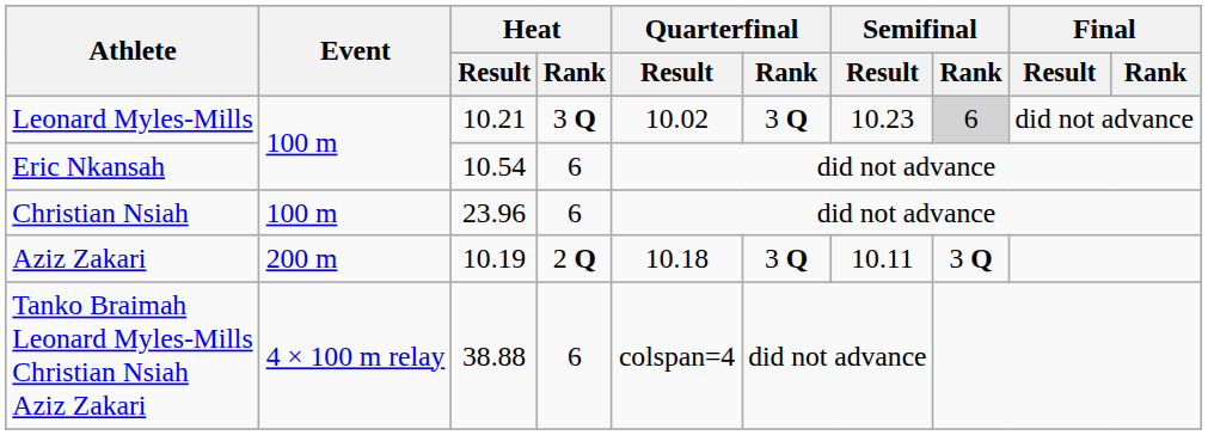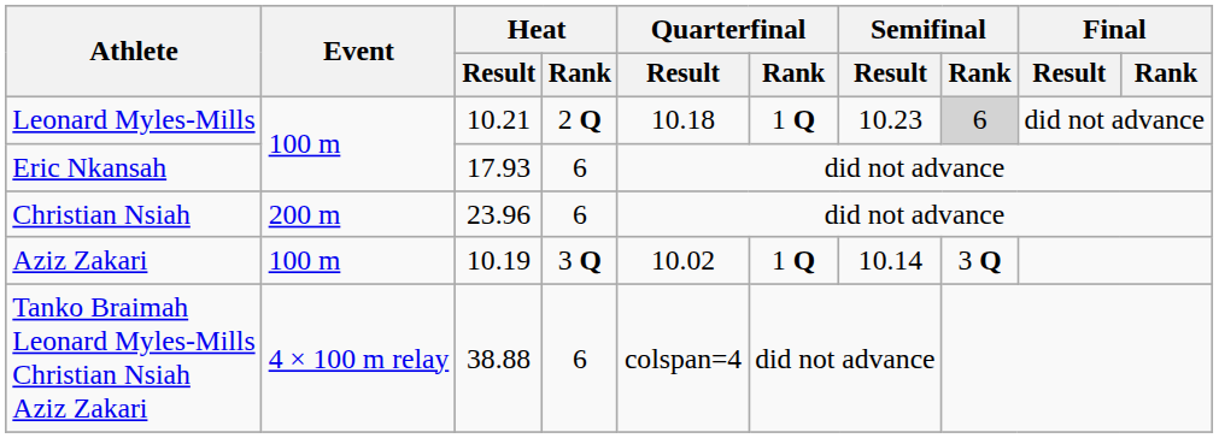 <table class=wikitable style="font-size:90%">
 <tr>
 <th rowspan="2">Athlete</th>
 <th rowspan="2">Event</th>
 <th colspan="2">Heat</th>
 <th colspan="2">Quarterfinal</th>
 <th colspan="2">Semifinal</th>
 <th colspan="2">Final</th>
 </tr>
 <tr style="font-size:95%">
 <th>Result</th>
 <th>Rank</th>
 <th>Result</th>
 <th>Rank</th>
 <th>Result</th>
 <th>Rank</th>
 <th>Result</th>
 <th>Rank</th>
 </tr>
 <tr align=center>
 <td align=left><a href='#'>Leonard Myles-Mills</a></td>
 <td align=left rowspan=2><a href='#'>100 m</a></td>
 <td>10.21</td>
-<td>3 <strong>Q</strong></td>
-<td>10.02</td>
-<td>3 <strong>Q</strong></td>
+<td>2 <strong>Q</strong></td>
+<td>10.18</td>
+<td>1 <strong>Q</strong></td>
 <td>10.23</td>
 <td style="background: lightgrey;">6</td>
 <td colspan=2>did not advance</td>
 </tr>
 <tr align=center>
 <td align=left><a href='#'>Eric Nkansah</a></td>
-<td>10.54</td>
+<td>17.93</td>
 <td>6</td>
 <td colspan=6>did not advance</td>
 </tr>
 <tr align=center>
 <td align=left><a href='#'>Christian Nsiah</a></td>
-<td align=left><a href='#'>100 m</a></td>
+<td align=left><a href='#'>200 m</a></td>
 <td>23.96</td>
 <td>6</td>
 <td colspan=6>did not advance</td>
 </tr>
 <tr align=center>
 <td align=left><a href='#'>Aziz Zakari</a></td>
-<td align=left><a href='#'>200 m</a></td>
+<td align=left><a href='#'>100 m</a></td>
 <td>10.19</td>
-<td>2 <strong>Q</strong></td>
-<td>10.18</td>
 <td>3 <strong>Q</strong></td>
-<td>10.11</td>
+<td>10.02</td>
+<td>1 <strong>Q</strong></td>
+<td>10.14</td>
 <td>3 <strong>Q</strong></td>
 <td colspan=2></td>
 </tr>
 <tr align=center>
 <td align=left><a href='#'>Tanko Braimah</a><br><a href='#'>Leonard Myles-Mills</a><br><a href='#'>Christian Nsiah</a><br><a href='#'>Aziz Zakari</a></td>
 <td align=left><a href='#'>4 × 100 m relay</a></td>
 <td>38.88</td>
 <td>6</td>
 <td>colspan=4 </td>
 <td colspan=2>did not advance</td>
 </tr>
 </table>
